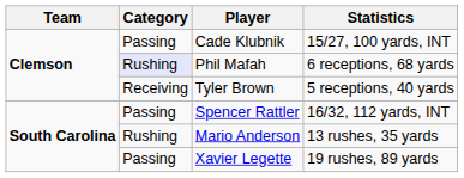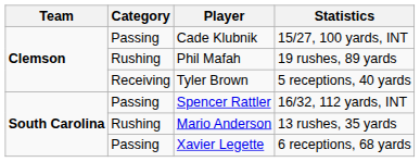 <table class="wikitable" style="float: right;">
 <tr>
 <th>Team</th>
 <th>Category</th>
 <th>Player</th>
 <th>Statistics</th>
 </tr>
 <tr>
 <td rowspan=3><strong>Clemson</strong></td>
 <td>Passing</td>
 <td>Cade Klubnik</td>
 <td>15/27, 100 yards, INT</td>
 </tr>
 <tr>
-<td style="background: lavender;">Rushing</td>
+<td>Rushing</td>
 <td>Phil Mafah</td>
-<td>6 receptions, 68 yards</td>
+<td>19 rushes, 89 yards</td>
 </tr>
 <tr>
 <td>Receiving</td>
 <td>Tyler Brown</td>
 <td>5 receptions, 40 yards</td>
 </tr>
 <tr>
 <td rowspan=3><strong>South Carolina</strong></td>
 <td>Passing</td>
 <td><a href='#'>Spencer Rattler</a></td>
 <td>16/32, 112 yards, INT</td>
 </tr>
 <tr>
 <td>Rushing</td>
 <td><a href='#'>Mario Anderson</a></td>
 <td>13 rushes, 35 yards</td>
 </tr>
 <tr>
 <td>Passing</td>
 <td><a href='#'>Xavier Legette</a></td>
-<td>19 rushes, 89 yards</td>
+<td>6 receptions, 68 yards</td>
 </tr>
 </table>
